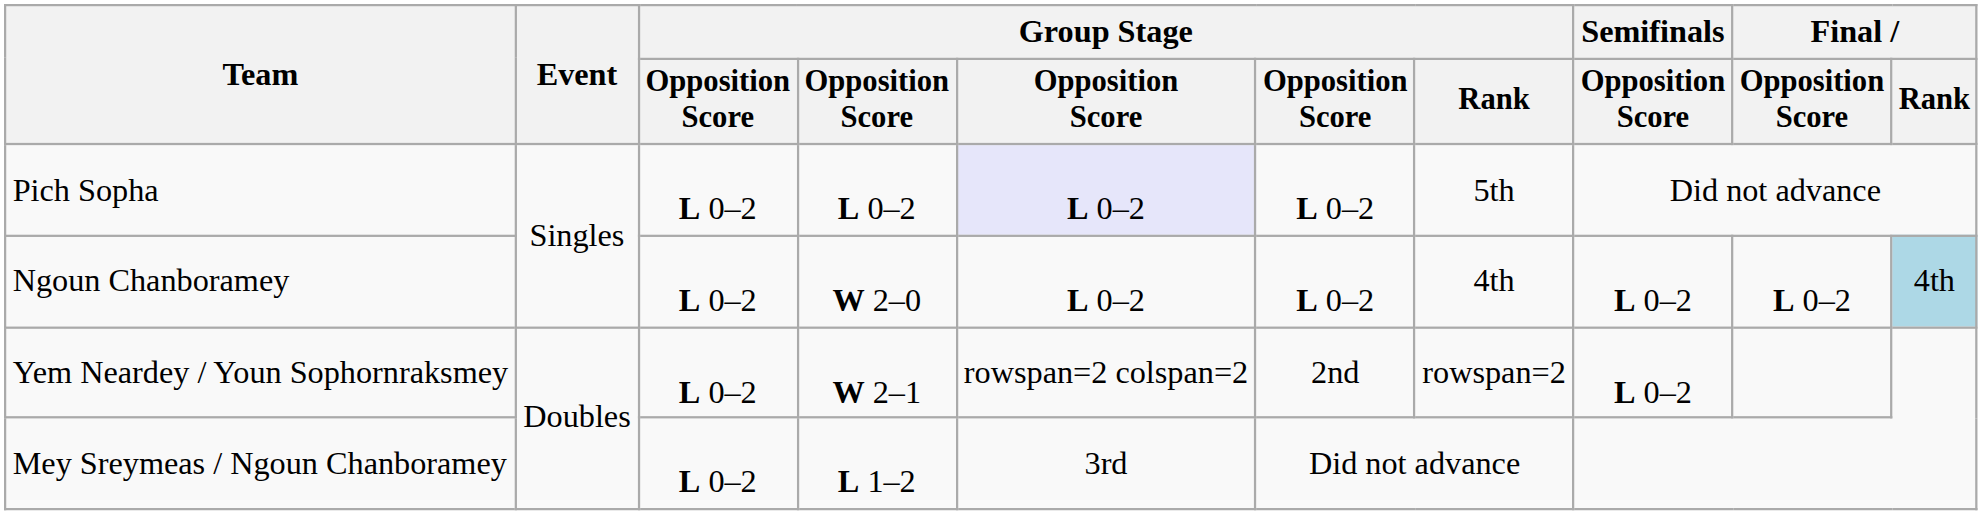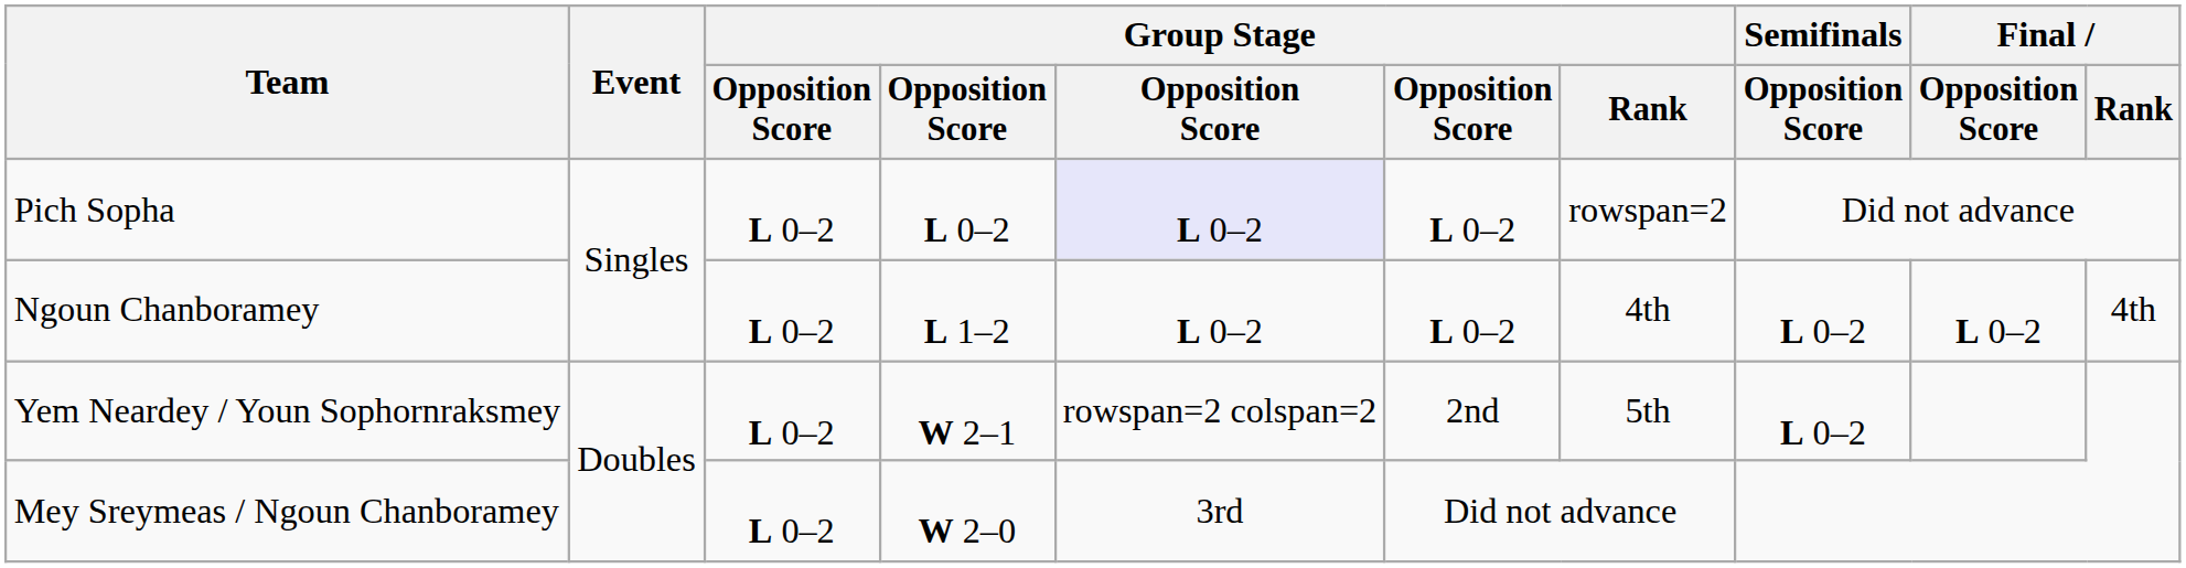 <table class="wikitable" style="font-size:90%">
 <tr>
 <th rowspan=2>Team</th>
 <th rowspan=2>Event</th>
 <th colspan=5>Group Stage</th>
 <th>Semifinals</th>
 <th colspan=2>Final / </th>
 </tr>
 <tr style="font-size:95%">
 <th>Opposition<br>Score</th>
 <th>Opposition<br>Score</th>
 <th>Opposition<br>Score</th>
 <th>Opposition<br>Score</th>
 <th>Rank</th>
 <th>Opposition<br>Score</th>
 <th>Opposition<br>Score</th>
 <th>Rank</th>
 </tr>
 <tr align=center>
 <td align=left>Pich Sopha</td>
 <td rowspan=2>Singles</td>
 <td><br> <strong>L</strong> 0–2</td>
 <td><br> <strong>L</strong> 0–2</td>
 <td style="background: lavender;"><br> <strong>L</strong> 0–2</td>
 <td><br> <strong>L</strong> 0–2</td>
-<td>5th</td>
+<td>rowspan=2 </td>
 <td colspan=3>Did not advance</td>
 </tr>
 <tr align=center>
 <td align=left>Ngoun Chanboramey</td>
 <td><br> <strong>L</strong> 0–2</td>
-<td><br> <strong>W</strong> 2–0</td>
+<td><br> <strong>L</strong> 1–2</td>
 <td><br> <strong>L</strong> 0–2</td>
 <td><br> <strong>L</strong> 0–2</td>
 <td>4th</td>
 <td><br> <strong>L</strong> 0–2</td>
 <td><br> <strong>L</strong> 0–2</td>
-<td style="background: lightblue;">4th</td>
+<td>4th</td>
 </tr>
 <tr align=center>
 <td align=left>Yem Neardey / Youn Sophornraksmey</td>
 <td rowspan=2>Doubles</td>
 <td><br> <strong>L</strong> 0–2</td>
 <td><br> <strong>W</strong> 2–1</td>
 <td>rowspan=2 colspan=2 </td>
 <td>2nd</td>
-<td>rowspan=2 </td>
+<td>5th</td>
 <td><br> <strong>L</strong> 0–2</td>
 <td></td>
 </tr>
 <tr align=center>
 <td align=left>Mey Sreymeas / Ngoun Chanboramey</td>
 <td><br> <strong>L</strong> 0–2</td>
-<td><br> <strong>L</strong> 1–2</td>
+<td><br> <strong>W</strong> 2–0</td>
 <td>3rd</td>
 <td colspan=2>Did not advance</td>
 </tr>
 </table>
